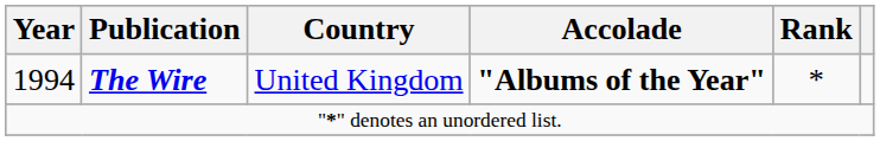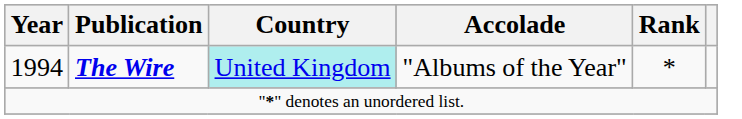 <table class="wikitable sortable" style="margin:0em 1em 1em 0pt">
 <tr>
 <th>Year</th>
 <th>Publication</th>
 <th>Country</th>
 <th>Accolade</th>
 <th>Rank</th>
 <th class=unsortable></th>
 </tr>
 <tr>
 <td align=center>1994</td>
 <td><strong><em><a href='#'>The Wire</a></em></strong></td>
-<td><a href='#'>United Kingdom</a></td>
-<td><strong>"Albums of the Year"</strong></td>
+<td style="background: paleturquoise;"><a href='#'>United Kingdom</a></td>
+<td>"Albums of the Year"</td>
 <td align=center>*</td>
 <td></td>
 </tr>
 <tr class="sortbottom">
 <td colspan=6 style=font-size:8pt; align=center>"<strong>*</strong>" denotes an unordered list.</td>
 </tr>
 </table>
